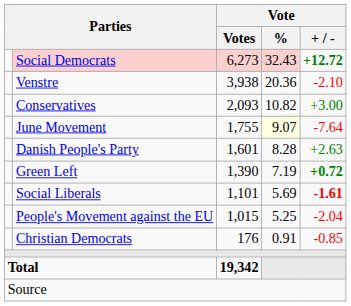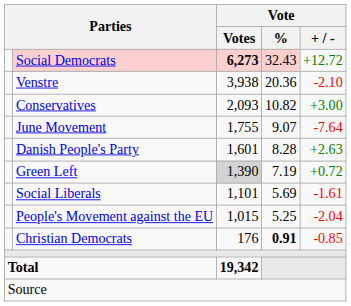 <table class="wikitable" style="text-align:right;">
 <tr>
 <th style="text-align:centre;" rowspan="2" colspan="2" width="225">Parties</th>
 <th colspan="3">Vote</th>
 </tr>
 <tr>
 <th width="15">Votes</th>
 <th width="15">%</th>
 <th width="15">+ / -</th>
 </tr>
 <tr>
 <td width="2" style="color:inherit;background:"></td>
 <td bgcolor=#fbd0ce   align="left"><a href='#'>Social Democrats</a></td>
-<td bgcolor=#fbd0ce>6,273</td>
+<td bgcolor=#fbd0ce><strong>6,273</strong></td>
 <td bgcolor=#fbd0ce>32.43</td>
-<td style=color:green;><strong>+12.72</strong></td>
+<td style=color:green;>+12.72</td>
 </tr>
 <tr>
 <td width="2" style="color:inherit;background:"></td>
 <td align="left"><a href='#'>Venstre</a></td>
 <td>3,938</td>
 <td>20.36</td>
 <td style=color:red;>-2.10</td>
 </tr>
 <tr>
 <td width="2" style="color:inherit;background:"></td>
 <td align="left"><a href='#'>Conservatives</a></td>
 <td>2,093</td>
 <td>10.82</td>
 <td style=color:green;>+3.00</td>
 </tr>
 <tr>
 <td width="2" style="color:inherit;background:"></td>
 <td align="left"><a href='#'>June Movement</a></td>
 <td>1,755</td>
-<td style="background: lightyellow;">9.07</td>
+<td>9.07</td>
 <td style=color:red;>-7.64</td>
 </tr>
 <tr>
 <td width="2" style="color:inherit;background:"></td>
 <td align="left"><a href='#'>Danish People's Party</a></td>
 <td>1,601</td>
 <td>8.28</td>
 <td style=color:green;>+2.63</td>
 </tr>
 <tr>
 <td width="2" style="color:inherit;background:"></td>
 <td align="left"><a href='#'>Green Left</a></td>
-<td>1,390</td>
+<td style="background: lightgrey;">1,390</td>
 <td>7.19</td>
-<td style=color:green;><strong>+0.72</strong></td>
+<td style=color:green;>+0.72</td>
 </tr>
 <tr>
 <td width="2" style="color:inherit;background:"></td>
 <td align="left"><a href='#'>Social Liberals</a></td>
 <td>1,101</td>
 <td>5.69</td>
-<td style=color:red;><strong>-1.61</strong></td>
+<td style=color:red;>-1.61</td>
 </tr>
 <tr>
 <td width="2" style="color:inherit;background:"></td>
 <td align="left"><a href='#'>People's Movement against the EU</a></td>
 <td>1,015</td>
 <td>5.25</td>
 <td style=color:red;>-2.04</td>
 </tr>
 <tr>
 <td width="2" style="color:inherit;background:"></td>
 <td align="left"><a href='#'>Christian Democrats</a></td>
 <td>176</td>
-<td>0.91</td>
+<td><strong>0.91</strong></td>
 <td style=color:red;>-0.85</td>
 </tr>
 <tr>
 <td colspan="7" bgcolor="#E9E9E9"></td>
 </tr>
 <tr>
 <td align="left" colspan="2"><strong>Total</strong></td>
 <td><strong>19,342</strong></td>
 <td bgcolor="#E9E9E9" colspan="2"></td>
 </tr>
 <tr>
 <td align="left" colspan="6">Source</td>
 </tr>
 </table>
